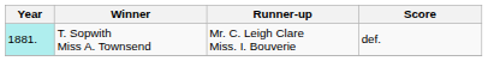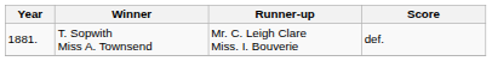 <table class="wikitable">
 <tr>
 <th style="width:60px;">Year</th>
 <th style="width:200px;">Winner</th>
 <th style="width:200px;">Runner-up</th>
 <th style="width:160px;">Score</th>
 </tr>
 <tr>
-<td style="background: paleturquoise;">1881.</td>
+<td>1881.</td>
 <td> T. Sopwith <br> Miss A. Townsend</td>
 <td> Mr. C. Leigh Clare<br> Miss. I. Bouverie</td>
 <td>def.</td>
 </tr>
 <tr>
 </tr>
 </table>
